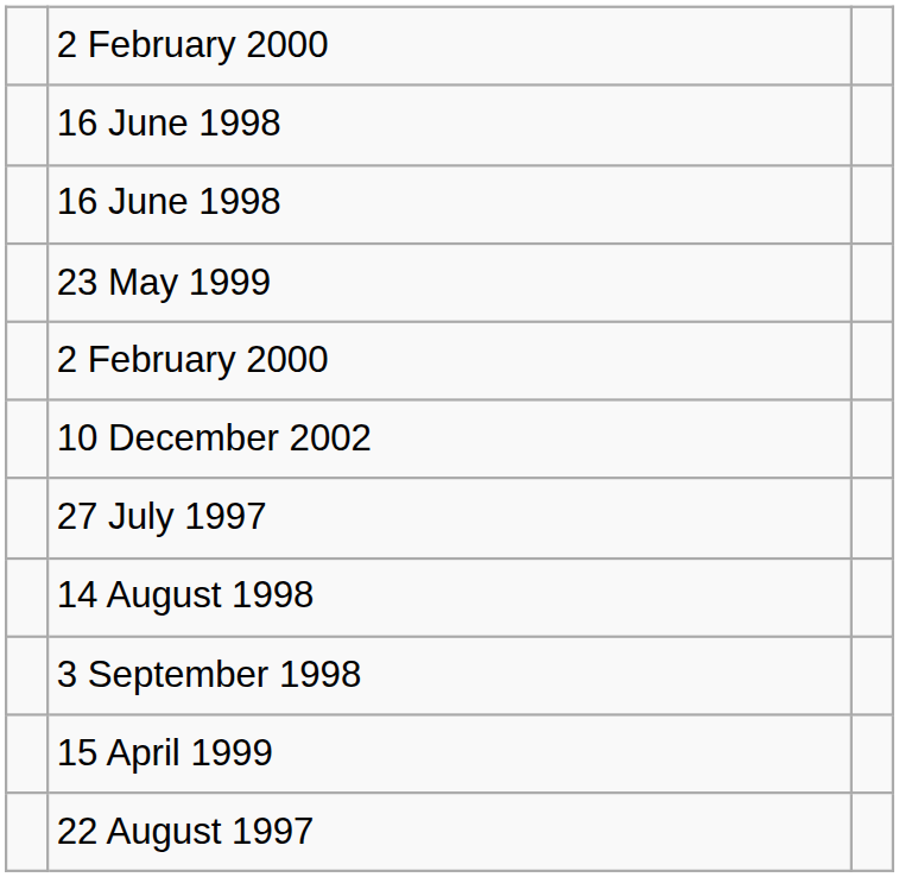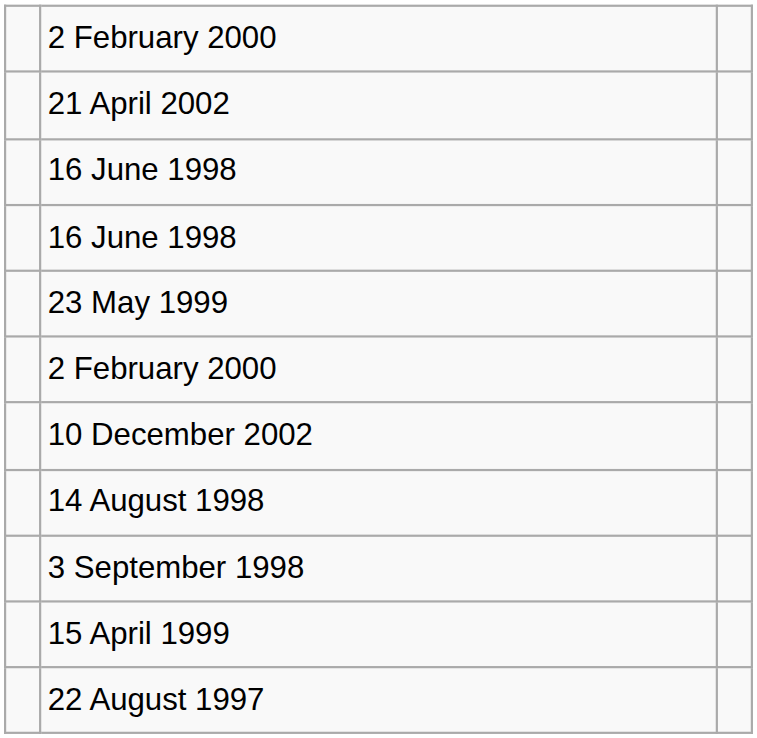 <table class="wikitable" style="font-size: 89%; float: left; width: 24em; margin-right: 1em; line-height: 1.65em !important; height: 324px;">
 <tr>
 <td></td>
 <td>2 February 2000</td>
+<td></td>
+</tr>
+<tr>
+<td></td>
+<td>21 April 2002</td>
 <td></td>
 </tr>
 <tr>
 <td></td>
 <td>16 June 1998</td>
 <td></td>
 </tr>
 <tr>
 <td></td>
 <td>16 June 1998</td>
 <td></td>
 </tr>
 <tr>
 <td></td>
 <td>23 May 1999</td>
 <td></td>
 </tr>
 <tr>
 <td></td>
 <td>2 February 2000</td>
 <td></td>
 </tr>
 <tr>
 <td></td>
 <td>10 December 2002</td>
 <td></td>
 </tr>
 <tr>
 <td></td>
-<td>27 July 1997</td>
-<td></td>
-</tr>
-<tr>
-<td></td>
 <td>14 August 1998</td>
 <td></td>
 </tr>
 <tr>
 <td></td>
 <td>3 September 1998</td>
 <td></td>
 </tr>
 <tr>
 <td></td>
 <td>15 April 1999</td>
 <td></td>
 </tr>
 <tr>
 <td></td>
 <td>22 August 1997</td>
 <td></td>
 </tr>
 </table>
